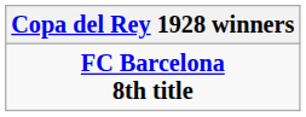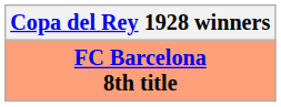 <table class="wikitable" style="text-align: center; margin: 0 auto;">
 <tr>
 <th><a href='#'>Copa del Rey</a> 1928 winners</th>
 </tr>
 <tr>
-<td><strong><a href='#'>FC Barcelona</a></strong><br><strong>8th title</strong></td>
+<td style="background: lightsalmon;"><strong><a href='#'>FC Barcelona</a></strong><br><strong>8th title</strong></td>
 </tr>
 </table>
